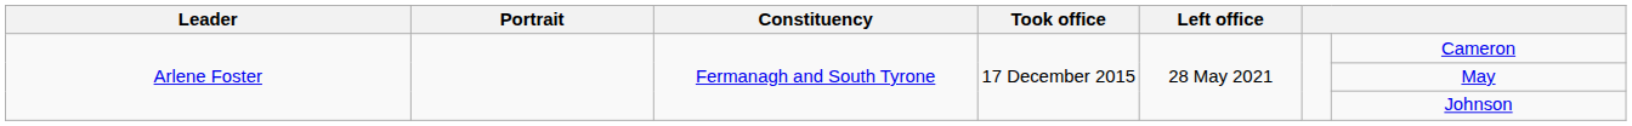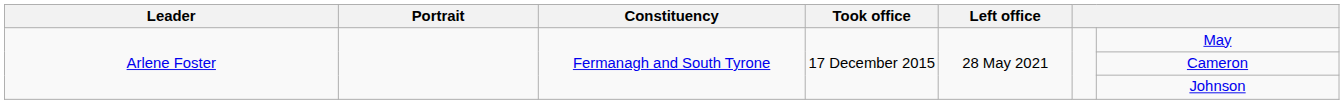 <table class="wikitable" style="text-align:center">
 <tr>
 <th style="width:25%;">Leader<br></th>
 <th width=60>Portrait</th>
 <th style="width:20%;">Constituency</th>
 <th style="width:10%;">Took office</th>
 <th style="width:10%;">Left office</th>
 <th colspan="2" style="width:20%;"></th>
 </tr>
 <tr>
 <td rowspan=3><a href='#'>Arlene Foster</a><br></td>
 <td rowspan=3></td>
 <td rowspan=3><a href='#'>Fermanagh and South Tyrone</a> </td>
 <td rowspan=3>17 December 2015</td>
 <td rowspan=3>28 May 2021</td>
 <td rowspan=5 style="background-color: "></td>
-<td><a href='#'>Cameron</a></td>
+<td><a href='#'>May</a></td>
 </tr>
 <tr>
-<td><a href='#'>May</a></td>
+<td><a href='#'>Cameron</a></td>
 </tr>
 <tr>
 <td><a href='#'>Johnson</a></td>
 </tr>
 </table>
